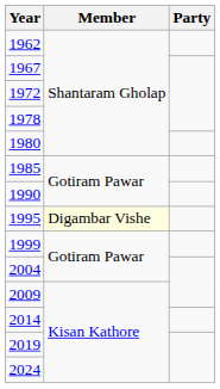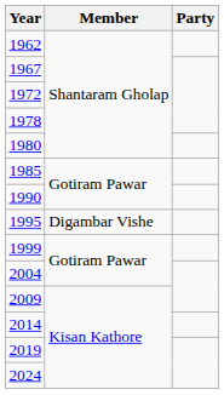 <table class="wikitable">
 <tr>
 <th>Year</th>
 <th>Member</th>
 <th colspan="2">Party</th>
 </tr>
 <tr>
 <td><a href='#'>1962</a></td>
 <td rowspan="5">Shantaram Gholap</td>
 <td></td>
 </tr>
 <tr>
 <td><a href='#'>1967</a></td>
 </tr>
 <tr>
 <td><a href='#'>1972</a></td>
 </tr>
 <tr>
 <td><a href='#'>1978</a></td>
 </tr>
 <tr>
 <td><a href='#'>1980</a></td>
 <td></td>
 </tr>
 <tr>
 <td><a href='#'>1985</a></td>
 <td rowspan="2">Gotiram Pawar</td>
 <td></td>
 </tr>
 <tr>
 <td><a href='#'>1990</a></td>
 </tr>
 <tr>
 <td><a href='#'>1995</a></td>
-<td style="background: lightyellow;">Digambar Vishe</td>
+<td>Digambar Vishe</td>
 <td></td>
 </tr>
 <tr>
 <td><a href='#'>1999</a></td>
 <td rowspan="2">Gotiram Pawar</td>
 <td></td>
 </tr>
 <tr>
 <td><a href='#'>2004</a></td>
 </tr>
 <tr>
 <td><a href='#'>2009</a></td>
 <td rowspan="4"><a href='#'>Kisan Kathore</a></td>
 </tr>
 <tr>
 <td><a href='#'>2014</a></td>
 <td></td>
 </tr>
 <tr>
 <td><a href='#'>2019</a></td>
 </tr>
 <tr>
 <td><a href='#'>2024</a></td>
 </tr>
 </table>
